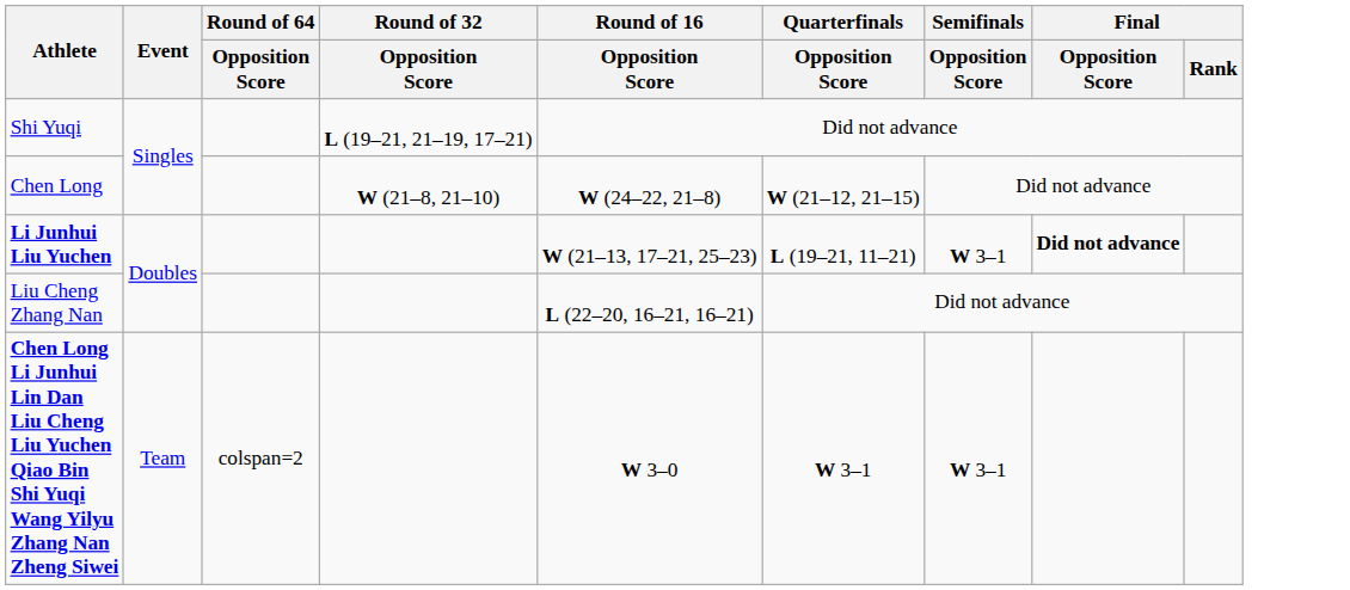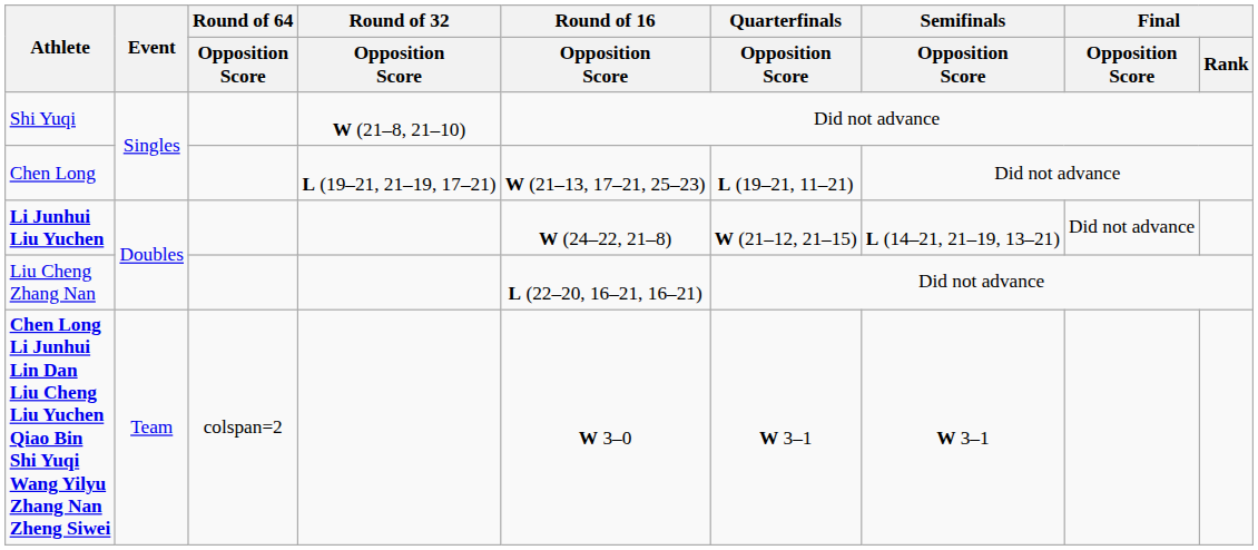 <table class=wikitable style=font-size:90%;text-align:center>
 <tr>
 <th rowspan="2">Athlete</th>
 <th rowspan="2">Event</th>
 <th>Round of 64</th>
 <th>Round of 32</th>
 <th>Round of 16</th>
 <th>Quarterfinals</th>
 <th>Semifinals</th>
 <th colspan="2">Final</th>
 </tr>
 <tr>
 <th>Opposition<br>Score</th>
 <th>Opposition<br>Score</th>
 <th>Opposition<br>Score</th>
 <th>Opposition<br>Score</th>
 <th>Opposition<br>Score</th>
 <th>Opposition<br>Score</th>
 <th>Rank</th>
 </tr>
 <tr>
 <td align=left><a href='#'>Shi Yuqi</a></td>
 <td align=center rowspan=2><a href='#'>Singles</a></td>
 <td></td>
-<td><br><strong>L</strong> (19–21, 21–19, 17–21)</td>
+<td><br><strong>W</strong> (21–8, 21–10)</td>
 <td colspan = "5">Did not advance</td>
 </tr>
 <tr>
 <td align=left><a href='#'>Chen Long</a></td>
 <td></td>
-<td><br><strong>W</strong> (21–8, 21–10)</td>
-<td><br><strong>W</strong> (24–22, 21–8)</td>
-<td><br><strong>W</strong> (21–12, 21–15)</td>
+<td><br><strong>L</strong> (19–21, 21–19, 17–21)</td>
+<td><br><strong>W</strong> (21–13, 17–21, 25–23)</td>
+<td><br><strong>L</strong> (19–21, 11–21)</td>
 <td colspan = "3">Did not advance</td>
 </tr>
 <tr>
 <td align=left><strong><a href='#'>Li Junhui</a> <br> <a href='#'>Liu Yuchen</a></strong></td>
 <td align=center rowspan=2><a href='#'>Doubles</a></td>
 <td></td>
 <td></td>
-<td><br><strong>W</strong> (21–13, 17–21, 25–23)</td>
-<td><br><strong>L</strong> (19–21, 11–21)</td>
-<td><br><strong>W</strong> 3–1</td>
-<td><strong>Did not advance</strong></td>
+<td><br><strong>W</strong> (24–22, 21–8)</td>
+<td><br><strong>W</strong> (21–12, 21–15)</td>
+<td><br><strong>L</strong> (14–21, 21–19, 13–21)</td>
+<td>Did not advance</td>
 <td></td>
 </tr>
 <tr>
 <td align=left><a href='#'>Liu Cheng</a> <br> <a href='#'>Zhang Nan</a></td>
 <td></td>
 <td></td>
 <td><br><strong>L</strong> (22–20, 16–21, 16–21)</td>
 <td colspan = "4">Did not advance</td>
 </tr>
 <tr>
 <td align=left><strong><a href='#'>Chen Long</a> <br> <a href='#'>Li Junhui</a> <br> <a href='#'>Lin Dan</a> <br> <a href='#'>Liu Cheng</a> <br> <a href='#'>Liu Yuchen</a> <br> <a href='#'>Qiao Bin</a> <br> <a href='#'>Shi Yuqi</a> <br> <a href='#'>Wang Yilyu</a> <br> <a href='#'>Zhang Nan</a> <br> <a href='#'>Zheng Siwei</a></strong></td>
 <td align=center><a href='#'>Team</a></td>
 <td>colspan=2 </td>
 <td></td>
 <td><br><strong>W</strong> 3–0</td>
 <td><br><strong>W</strong> 3–1</td>
 <td><br><strong>W</strong> 3–1</td>
 <td></td>
 </tr>
 </table>
